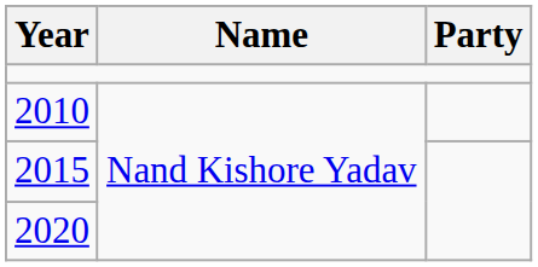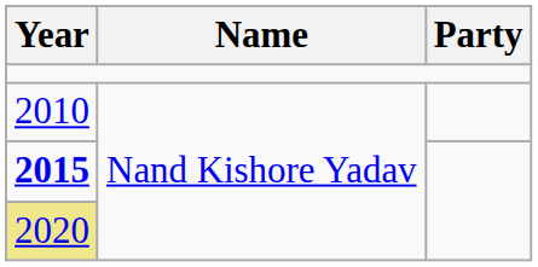 <table class="wikitable sortable">
 <tr>
 <th>Year</th>
 <th>Name</th>
 <th colspan="2">Party</th>
 </tr>
 <tr>
 <td colspan="4"></td>
 </tr>
 <tr>
 <td><a href='#'>2010</a></td>
 <td rowspan="3"><a href='#'>Nand Kishore Yadav</a></td>
 <td></td>
 </tr>
 <tr>
-<td><a href='#'>2015</a></td>
+<td><strong><a href='#'>2015</a></strong></td>
 </tr>
 <tr>
-<td><a href='#'>2020</a></td>
+<td style="background: khaki;"><a href='#'>2020</a></td>
 </tr>
 </table>
